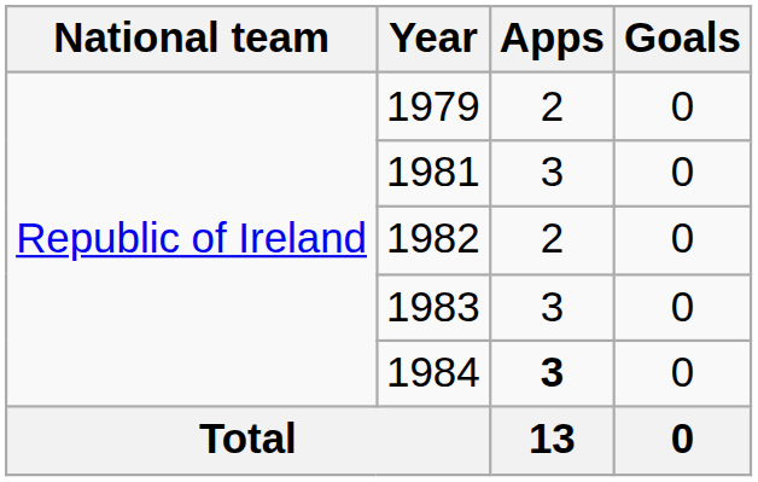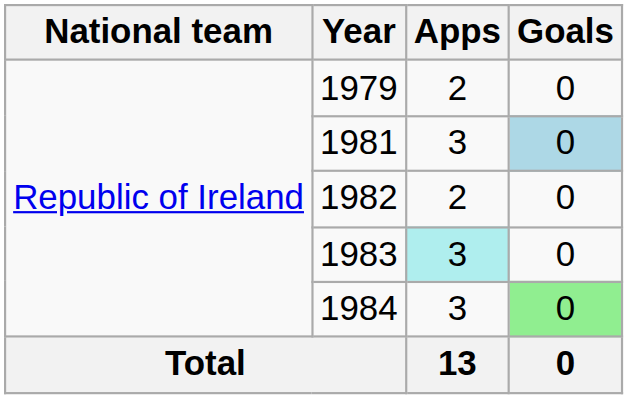 <table class=wikitable style="text-align: center">
 <tr>
 <th>National team</th>
 <th>Year</th>
 <th>Apps</th>
 <th>Goals</th>
 </tr>
 <tr>
 <td rowspan=5><a href='#'>Republic of Ireland</a></td>
 <td>1979</td>
 <td>2</td>
 <td>0</td>
 </tr>
 <tr>
 <td>1981</td>
 <td>3</td>
-<td>0</td>
+<td style="background: lightblue;">0</td>
 </tr>
 <tr>
 <td>1982</td>
 <td>2</td>
 <td>0</td>
 </tr>
 <tr>
 <td>1983</td>
-<td>3</td>
+<td style="background: paleturquoise;">3</td>
 <td>0</td>
 </tr>
 <tr>
 <td>1984</td>
-<td><strong>3</strong></td>
-<td>0</td>
+<td>3</td>
+<td style="background: lightgreen;">0</td>
 </tr>
 <tr>
 <th colspan=2>Total</th>
 <th>13</th>
 <th>0</th>
 </tr>
 </table>
